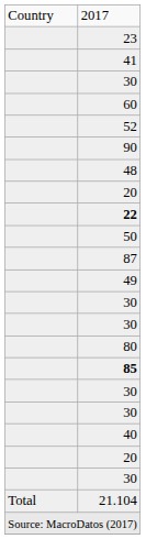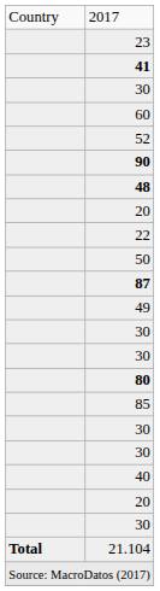 <table class="wikitable">
 <tr>
 <td>Country</td>
 <td>2017</td>
 </tr>
 <tr bgcolor="efefef">
 <td></td>
 <td align=right>23</td>
 </tr>
 <tr bgcolor="efefef">
 <td></td>
-<td align=right>41</td>
+<td align=right><strong>41</strong></td>
 </tr>
 <tr bgcolor="efefef">
 <td></td>
 <td align=right>30</td>
 </tr>
 <tr bgcolor="efefef">
 <td></td>
 <td align=right>60</td>
 </tr>
 <tr bgcolor="efefef">
 <td></td>
 <td align=right>52</td>
 </tr>
 <tr bgcolor="efefef">
 <td></td>
-<td align=right>90</td>
+<td align=right><strong>90</strong></td>
 </tr>
 <tr bgcolor="efefef">
 <td></td>
-<td align=right>48</td>
+<td align=right><strong>48</strong></td>
 </tr>
 <tr bgcolor="efefef">
 <td></td>
 <td align=right>20</td>
 </tr>
 <tr bgcolor="efefef">
 <td></td>
-<td align=right><strong>22</strong></td>
+<td align=right>22</td>
 </tr>
 <tr bgcolor="efefef">
 <td></td>
 <td align=right>50</td>
 </tr>
 <tr bgcolor="efefef">
 <td></td>
-<td align=right>87</td>
+<td align=right><strong>87</strong></td>
 </tr>
 <tr bgcolor="efefef">
 <td></td>
 <td align=right>49</td>
 </tr>
 <tr bgcolor="efefef">
 <td></td>
 <td align=right>30</td>
 </tr>
 <tr bgcolor="efefef">
 <td></td>
 <td align=right>30</td>
 </tr>
 <tr bgcolor="efefef">
 <td></td>
-<td align=right>80</td>
+<td align=right><strong>80</strong></td>
 </tr>
 <tr bgcolor="efefef">
 <td></td>
-<td align=right><strong>85</strong></td>
+<td align=right>85</td>
 </tr>
 <tr bgcolor="efefef">
 <td></td>
 <td align=right>30</td>
 </tr>
 <tr bgcolor="efefef">
 <td></td>
 <td align=right>30</td>
 </tr>
 <tr bgcolor="efefef">
 <td></td>
 <td align=right>40</td>
 </tr>
 <tr bgcolor="efefef">
 <td></td>
 <td align=right>20</td>
 </tr>
 <tr bgcolor="efefef">
 <td></td>
 <td align=right>30</td>
 </tr>
 <tr bgcolor="efefef">
-<td>Total</td>
+<td><strong>Total</strong></td>
 <td align=right>21.104</td>
 </tr>
 <tr bgcolor="efefef">
 <td colspan=3 style="background:#e9e9e9;" align=center><small>Source: MacroDatos (2017)</small></td>
 </tr>
 <tr>
 </tr>
 </table>
